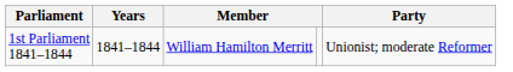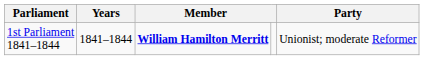 <table class="wikitable">
 <tr>
 <th>Parliament</th>
 <th>Years</th>
 <th colspan="2">Member</th>
 <th>Party</th>
 </tr>
 <tr>
 <td><a href='#'>1st Parliament</a><br>1841–1844</td>
 <td>1841–1844</td>
-<td><a href='#'>William Hamilton Merritt</a></td>
+<td><strong><a href='#'>William Hamilton Merritt</a></strong></td>
 <td></td>
 <td>Unionist;  moderate <a href='#'>Reformer</a></td>
 </tr>
 </table>
